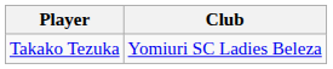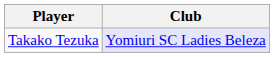 <table class="wikitable">
 <tr>
 <th>Player</th>
 <th>Club</th>
 </tr>
 <tr>
 <td> <a href='#'>Takako Tezuka</a></td>
-<td><a href='#'>Yomiuri SC Ladies Beleza</a></td>
+<td style="background: lavender;"><a href='#'>Yomiuri SC Ladies Beleza</a></td>
 </tr>
 </table>
